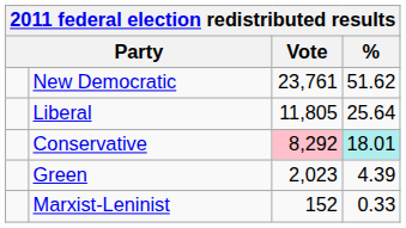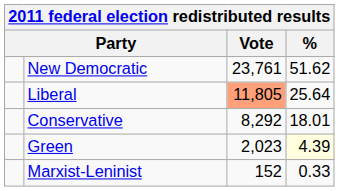 <table class="wikitable">
 <tr>
 <th colspan="4"><a href='#'>2011 federal election</a> redistributed results</th>
 </tr>
 <tr>
 <th bgcolor="#DDDDFF" width="130px" colspan="2">Party</th>
 <th bgcolor="#DDDDFF" width="50px">Vote</th>
 <th bgcolor="#DDDDFF" width="30px">%</th>
 </tr>
 <tr>
 <td> </td>
 <td><a href='#'>New Democratic</a></td>
 <td align=right>23,761</td>
 <td align=right>51.62</td>
 </tr>
 <tr>
 <td> </td>
 <td><a href='#'>Liberal</a></td>
-<td align=right>11,805</td>
+<td align=right style="background: lightsalmon;">11,805</td>
 <td align=right>25.64</td>
 </tr>
 <tr>
 <td> </td>
 <td><a href='#'>Conservative</a></td>
-<td align=right style="background: pink;">8,292</td>
-<td align=right style="background: paleturquoise;">18.01</td>
+<td align=right>8,292</td>
+<td align=right>18.01</td>
 </tr>
 <tr>
 <td> </td>
 <td><a href='#'>Green</a></td>
 <td align=right>2,023</td>
-<td align=right>4.39</td>
+<td align=right style="background: lightyellow;">4.39</td>
 </tr>
 <tr>
 <td> </td>
 <td><a href='#'>Marxist-Leninist</a></td>
 <td align=right>152</td>
 <td align=right>0.33</td>
 </tr>
 </table>
